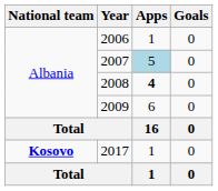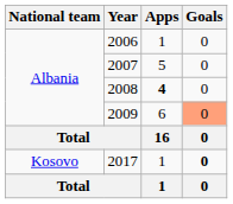 <table class="wikitable" style="text-align:center">
 <tr>
 <th>National team</th>
 <th>Year</th>
 <th>Apps</th>
 <th>Goals</th>
 </tr>
 <tr>
 <td rowspan="4"><a href='#'>Albania</a></td>
 <td>2006</td>
 <td>1</td>
 <td>0</td>
 </tr>
 <tr>
 <td>2007</td>
-<td style="background: lightblue;">5</td>
+<td>5</td>
 <td>0</td>
 </tr>
 <tr>
 <td>2008</td>
 <td><strong>4</strong></td>
 <td>0</td>
 </tr>
 <tr>
 <td>2009</td>
 <td>6</td>
-<td>0</td>
+<td style="background: lightsalmon;">0</td>
 </tr>
 <tr>
 <th colspan="2">Total</th>
 <th>16</th>
 <th>0</th>
 </tr>
 <tr>
-<td><strong><a href='#'>Kosovo</a></strong></td>
+<td><a href='#'>Kosovo</a></td>
 <td>2017</td>
 <td>1</td>
-<td>0</td>
+<td><strong>0</strong></td>
 </tr>
 <tr>
 <th colspan="2">Total</th>
 <th>1</th>
 <th>0</th>
 </tr>
 </table>
